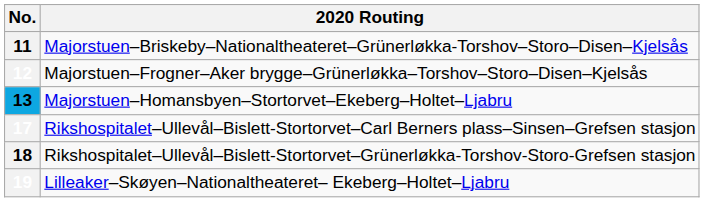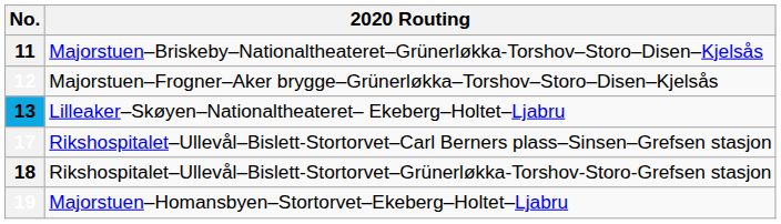 <table class="wikitable">
 <tr>
 <th>No.</th>
 <th>2020 Routing</th>
 </tr>
 <tr>
 <th style="color:black; background-color:#">11</th>
 <td><a href='#'>Majorstuen</a>–Briskeby–Nationaltheateret–Grünerløkka-Torshov–Storo–Disen–<a href='#'>Kjelsås</a></td>
 </tr>
 <tr>
 <th style="color:white; background-color:#">12</th>
 <td>Majorstuen–Frogner–Aker brygge–Grünerløkka–Torshov–Storo–Disen–Kjelsås</td>
 </tr>
 <tr>
 <th style="color:black; background-color:#0da7e1">13</th>
-<td><a href='#'>Majorstuen</a>–Homansbyen–Stortorvet–Ekeberg–Holtet–<a href='#'>Ljabru</a></td>
+<td><a href='#'>Lilleaker</a>–Skøyen–Nationaltheateret– Ekeberg–Holtet–<a href='#'>Ljabru</a></td>
 </tr>
 <tr>
 <th style="color:white; background-color:#">17</th>
 <td colspan="2" align="center"><a href='#'>Rikshospitalet</a>–Ullevål–Bislett-Stortorvet–Carl Berners plass–Sinsen–Grefsen stasjon</td>
 </tr>
 <tr>
 <th style="background-color:#">18</th>
 <td colspan="2" align="center">Rikshospitalet–Ullevål–Bislett-Stortorvet–Grünerløkka-Torshov-Storo-Grefsen stasjon</td>
 </tr>
 <tr>
 <th style="color:white; background-color:#">19</th>
-<td><a href='#'>Lilleaker</a>–Skøyen–Nationaltheateret– Ekeberg–Holtet–<a href='#'>Ljabru</a></td>
+<td><a href='#'>Majorstuen</a>–Homansbyen–Stortorvet–Ekeberg–Holtet–<a href='#'>Ljabru</a></td>
 </tr>
 </table>
